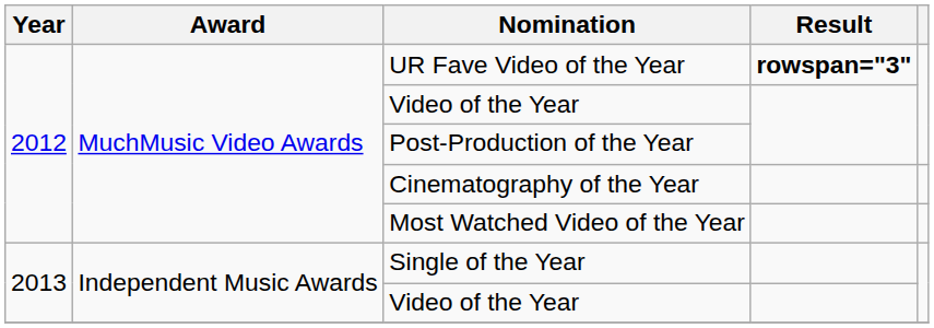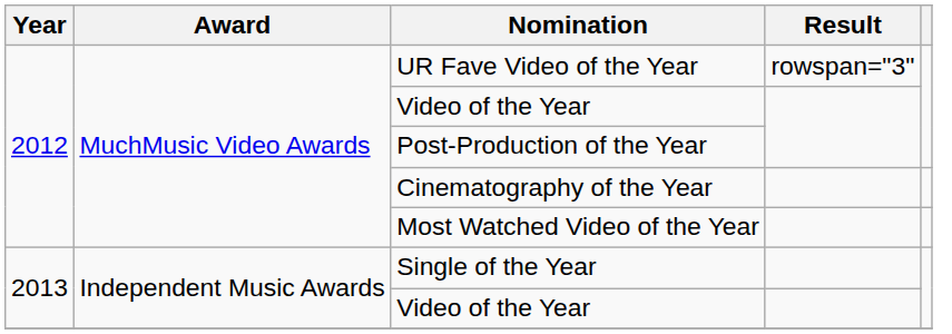 <table class="wikitable">
 <tr>
 <th>Year</th>
 <th>Award</th>
 <th>Nomination</th>
 <th>Result</th>
 <th></th>
 </tr>
 <tr>
 <td rowspan="5"><a href='#'>2012</a></td>
 <td rowspan="5"><a href='#'>MuchMusic Video Awards</a></td>
 <td>UR Fave Video of the Year</td>
-<td><strong>rowspan="3" </strong></td>
+<td>rowspan="3" </td>
 <td style="text-align:center;" rowspan="3"></td>
 </tr>
 <tr>
 <td>Video of the Year</td>
 </tr>
 <tr>
 <td>Post-Production of the Year</td>
 </tr>
 <tr>
 <td>Cinematography of the Year</td>
 <td></td>
 <td style="text-align:center;"></td>
 </tr>
 <tr>
 <td>Most Watched Video of the Year</td>
 <td></td>
 <td style="text-align:center;"></td>
 </tr>
 <tr>
 <td rowspan="2">2013</td>
 <td rowspan="2">Independent Music Awards</td>
 <td>Single of the Year</td>
 <td></td>
 <td style="text-align:center;" rowspan="2"></td>
 </tr>
 <tr>
 <td>Video of the Year</td>
 <td></td>
 </tr>
 <tr>
 </tr>
 </table>
